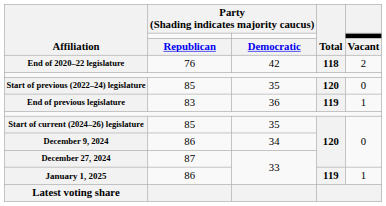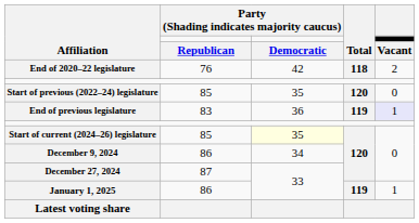 <table class="wikitable" style="text-align:center">
 <tr style="vertical-align:bottom;">
 <th rowspan="3">Affiliation</th>
 <th colspan="2">Party <div>(Shading indicates majority caucus)</div></th>
 <th rowspan="3">Total</th>
 <th></th>
 </tr>
 <tr style="height:5px">
 <td style="background-color:"></td>
 <td style="background-color:"></td>
 <td style="background: black"></td>
 </tr>
 <tr>
 <th><a href='#'>Republican</a></th>
 <th><a href='#'>Democratic</a></th>
 <th>Vacant</th>
 </tr>
 <tr>
 <th nowrap="" style="font-size:80%">End of 2020–22 legislature</th>
 <td>76</td>
 <td>42</td>
 <th>118</th>
 <td>2</td>
 </tr>
 <tr>
 <td colspan="5"></td>
 </tr>
 <tr>
 <th nowrap="" style="font-size:80%">Start of previous (2022–24) legislature</th>
 <td>85</td>
 <td>35</td>
 <th>120</th>
 <td>0</td>
 </tr>
 <tr>
 <th nowrap="" style="font-size:80%">End of previous legislature</th>
 <td>83</td>
 <td>36</td>
 <th>119</th>
-<td>1</td>
+<td style="background: lavender;">1</td>
 </tr>
 <tr>
 <td colspan="5"></td>
 </tr>
 <tr>
 <th nowrap="" style="font-size:80%">Start of current (2024–26) legislature</th>
 <td>85</td>
-<td>35</td>
+<td style="background: lightyellow;">35</td>
 <th rowspan="3">120</th>
 <td rowspan="3">0</td>
 </tr>
 <tr>
 <th nowrap="" style="font-size:80%">December 9, 2024</th>
 <td>86</td>
 <td>34</td>
 </tr>
 <tr>
 <th nowrap="" style="font-size:80%">December 27, 2024</th>
 <td>87</td>
 <td rowspan="2">33</td>
 </tr>
 <tr>
 <th><small>January 1, 2025</small></th>
 <td>86</td>
 <th>119</th>
 <td>1</td>
 </tr>
 <tr>
 <th>Latest voting share</th>
 <th></th>
 <th></th>
 <th colspan="4"></th>
 </tr>
 </table>
